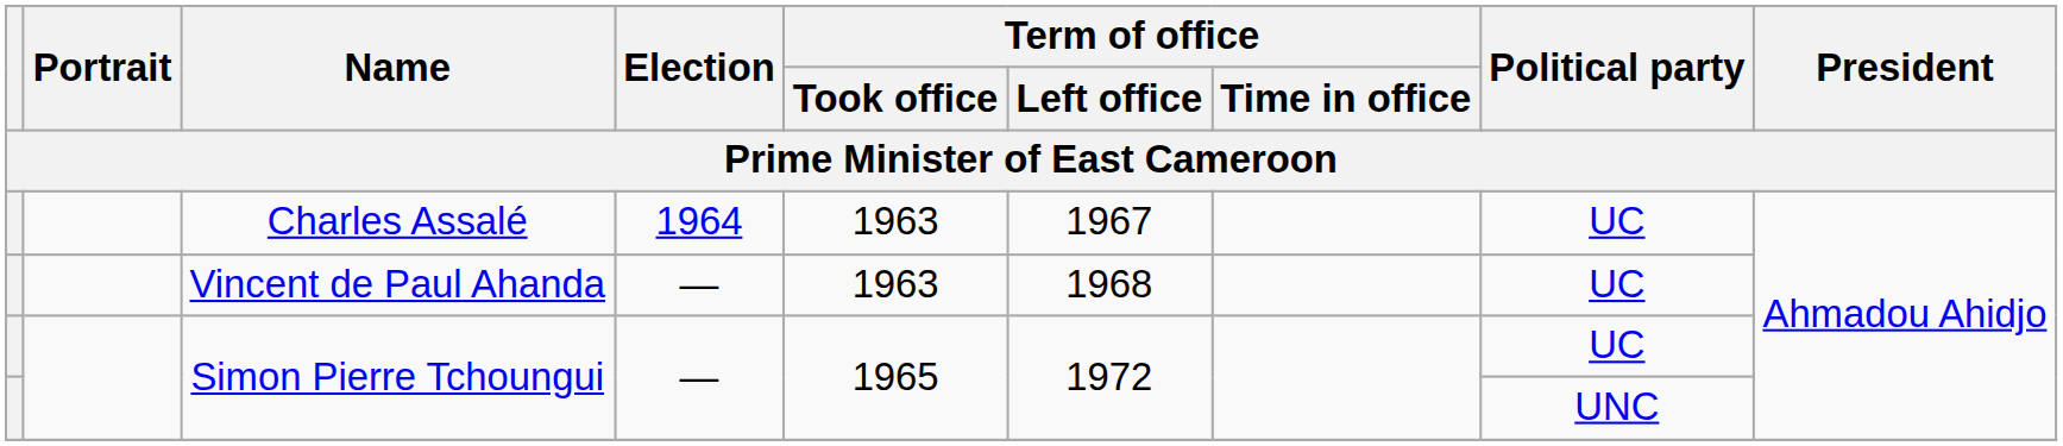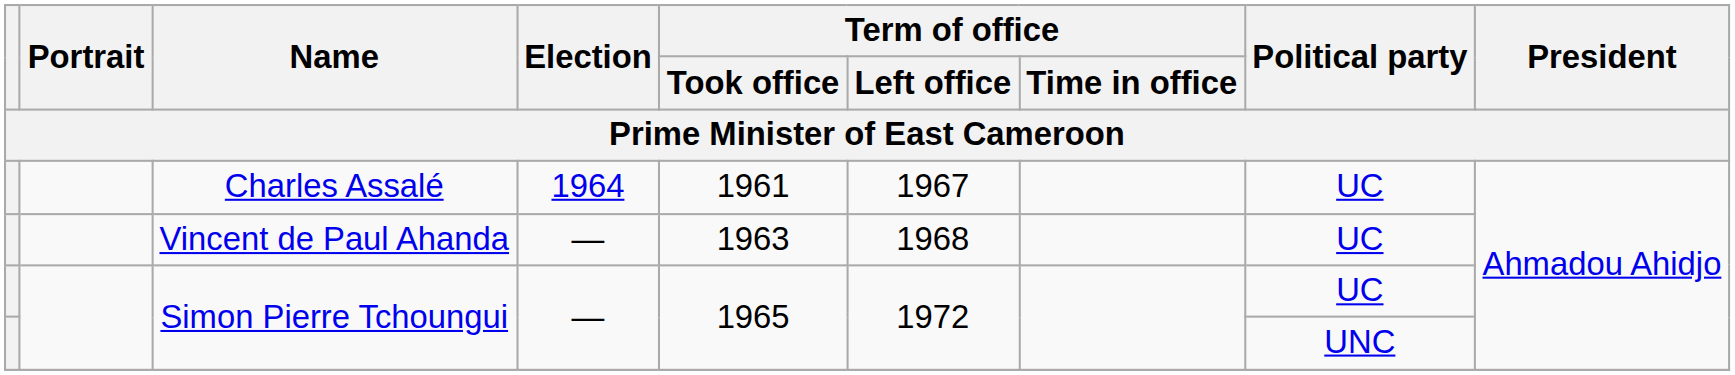 <table class="wikitable" style="text-align:center">
 <tr>
 <th rowspan="2"></th>
 <th rowspan="2">Portrait</th>
 <th rowspan="2">Name<br></th>
 <th rowspan="2"><strong>Election</strong></th>
 <th colspan="3">Term of office</th>
 <th rowspan="2">Political party</th>
 <th rowspan="2">President</th>
 </tr>
 <tr>
 <th>Took office</th>
 <th>Left office</th>
 <th>Time in office</th>
 </tr>
 <tr>
 <th colspan="9">Prime Minister of East Cameroon</th>
 </tr>
 <tr>
 <th style="background:"></th>
 <td></td>
 <td><a href='#'>Charles Assalé</a><br></td>
 <td><a href='#'>1964</a></td>
-<td> 1963</td>
+<td> 1961</td>
 <td> 1967</td>
 <td></td>
 <td><a href='#'>UC</a></td>
 <td rowspan=4><a href='#'>Ahmadou Ahidjo</a></td>
 </tr>
 <tr>
 <th style="background:"></th>
 <td></td>
 <td><a href='#'>Vincent de Paul Ahanda</a><br></td>
 <td>—</td>
 <td> 1963</td>
 <td> 1968</td>
 <td></td>
 <td><a href='#'>UC</a></td>
 </tr>
 <tr>
 <th style="background:"></th>
 <td rowspan=2></td>
 <td rowspan=2><a href='#'>Simon Pierre Tchoungui</a><br></td>
 <td rowspan=2>—</td>
 <td rowspan=2> 1965</td>
 <td rowspan=2> 1972</td>
 <td rowspan=2></td>
 <td><a href='#'>UC</a><br></td>
 </tr>
 <tr>
 <th style="background:"></th>
 <td><a href='#'>UNC</a></td>
 </tr>
 <tr>
 </tr>
 </table>
